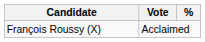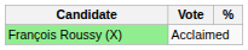 <table class="wikitable">
 <tr>
 <th bgcolor="#DDDDFF" width="200px">Candidate</th>
 <th bgcolor="#DDDDFF" width="50px">Vote</th>
 <th bgcolor="#DDDDFF" width="30px">%</th>
 </tr>
 <tr>
-<td>François Roussy (X)</td>
+<td style="background: lightgreen;">François Roussy (X)</td>
 <td colspan="2">Acclaimed</td>
 </tr>
 </table>
